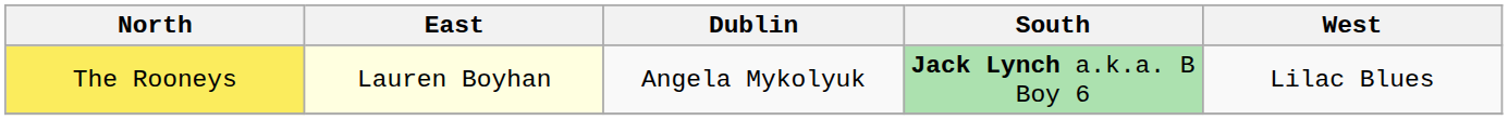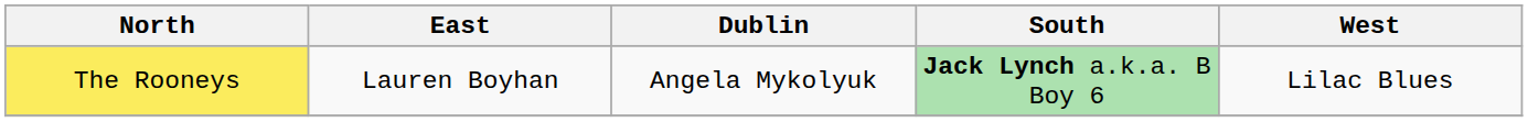 <table class="wikitable">
 <tr>
 <th width="150" rowspan="1">North</th>
 <th width="150" rowspan="1">East</th>
 <th width="150" rowspan="1">Dublin</th>
 <th width="150" rowspan="1">South</th>
 <th width="150" rowspan="1">West</th>
 </tr>
 <tr>
 <td style="background:#FBEC5D;" align="center">The Rooneys</td>
-<td align="center" style="background: lightyellow;">Lauren Boyhan</td>
+<td align="center">Lauren Boyhan</td>
 <td align="center">Angela Mykolyuk</td>
 <td style="background:#ACE1AF;" align="center"><strong>Jack Lynch</strong> a.k.a. B Boy 6</td>
 <td align="center">Lilac Blues</td>
 </tr>
 <tr>
 </tr>
 </table>
